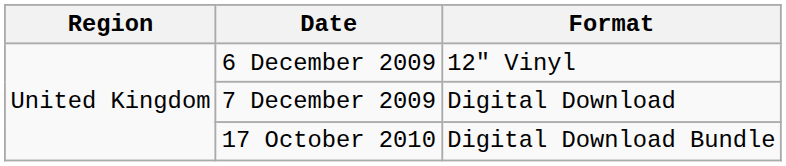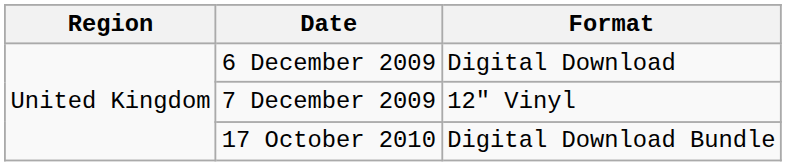 <table class=wikitable>
 <tr>
 <th>Region</th>
 <th>Date</th>
 <th>Format</th>
 </tr>
 <tr>
 <td style="text-align:center;" rowspan="3">United Kingdom</td>
 <td>6 December 2009</td>
-<td>12" Vinyl</td>
+<td>Digital Download</td>
 </tr>
 <tr>
 <td>7 December 2009</td>
-<td>Digital Download</td>
+<td>12" Vinyl</td>
 </tr>
 <tr>
 <td>17 October 2010</td>
 <td>Digital Download Bundle</td>
 </tr>
 </table>
